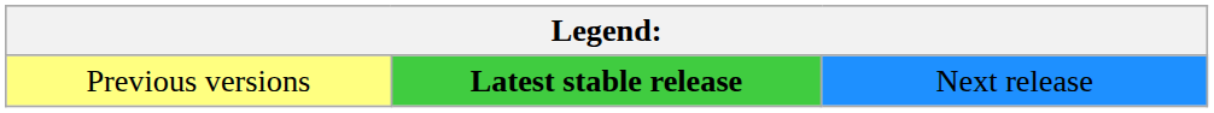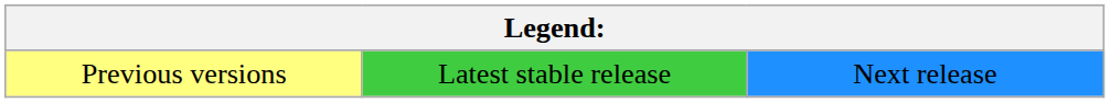 <table class="wikitable">
 <tr>
 <th colspan="5">Legend:</th>
 </tr>
 <tr>
 <td style="white-space:nowrap;background-color:#FFFF80;" width="20%" align="center">Previous versions</td>
-<td style="white-space:nowrap;background-color:#40CC40;" width="20%" align="center"><strong>Latest stable release</strong></td>
+<td style="white-space:nowrap;background-color:#40CC40;" width="20%" align="center">Latest stable release</td>
 <td style="white-space:nowrap;background-color:#1E90FF;" width="20%" align="center">Next release</td>
 </tr>
 </table>
